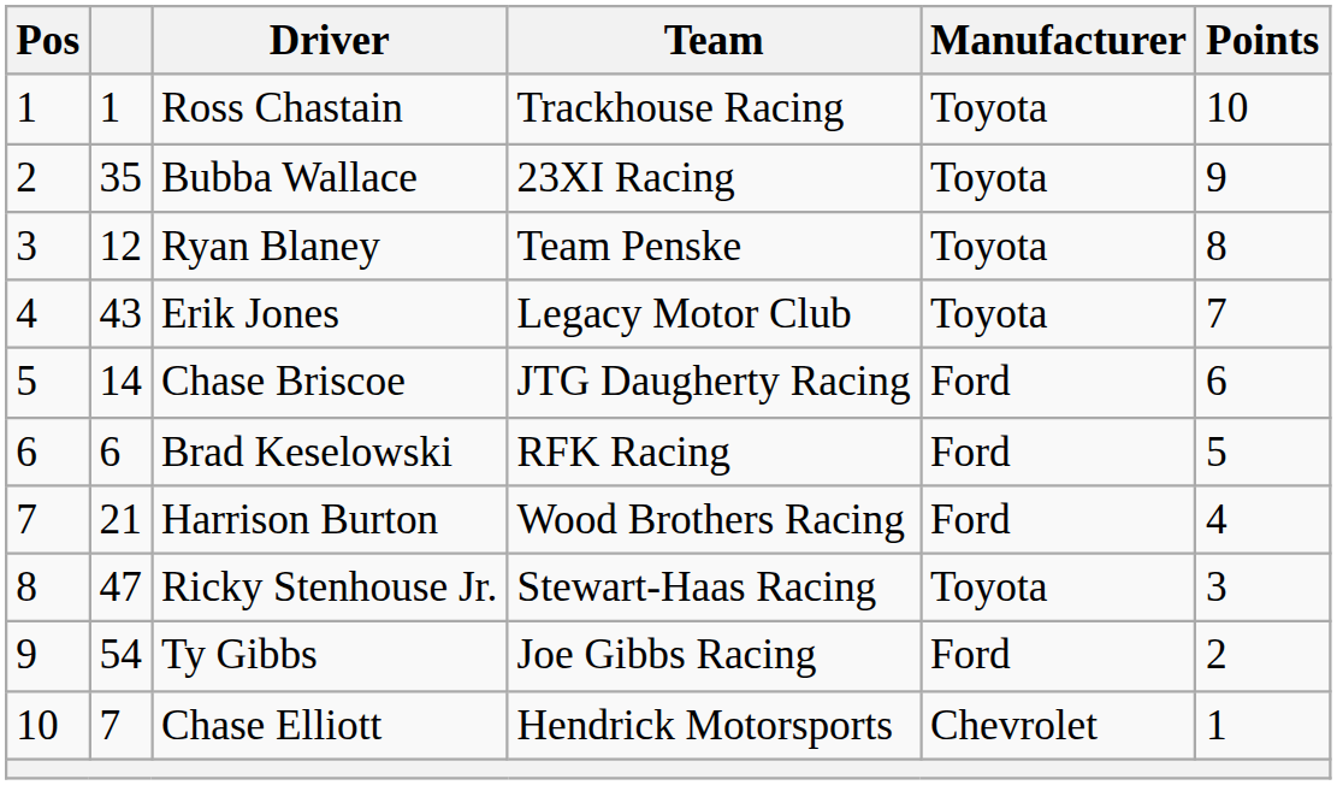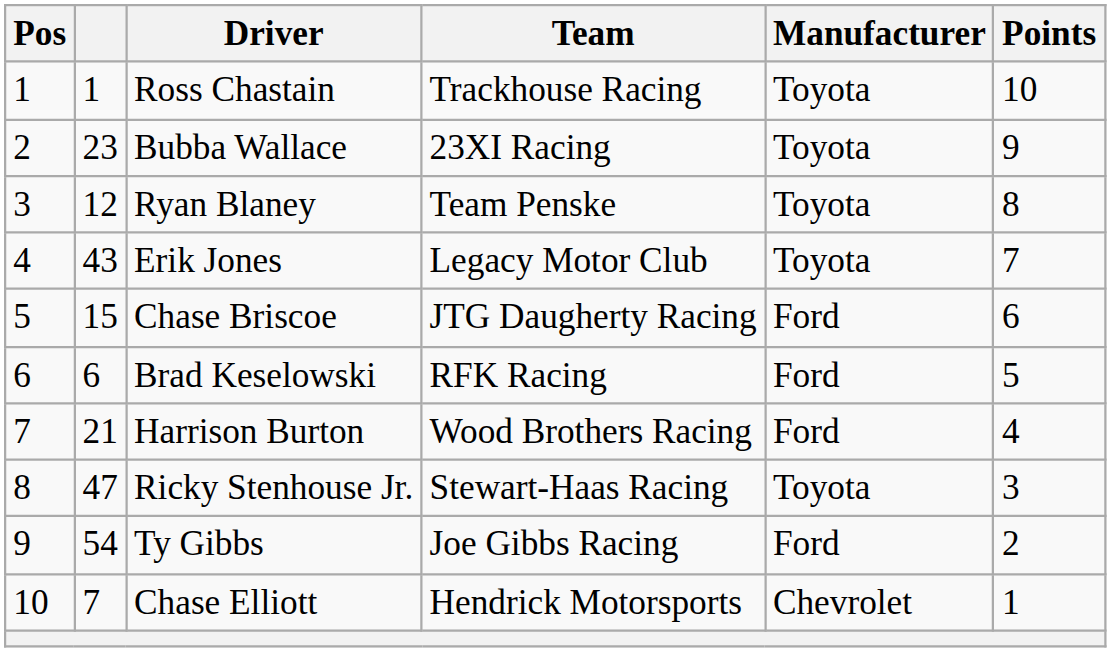 <table class="wikitable" style="font-size:98%">
 <tr>
 <th>Pos</th>
 <th></th>
 <th>Driver</th>
 <th>Team</th>
 <th>Manufacturer</th>
 <th>Points</th>
 </tr>
 <tr>
 <td>1</td>
 <td>1</td>
 <td>Ross Chastain</td>
 <td>Trackhouse Racing</td>
 <td>Toyota</td>
 <td>10</td>
 </tr>
 <tr>
 <td>2</td>
-<td>35</td>
+<td>23</td>
 <td>Bubba Wallace</td>
 <td>23XI Racing</td>
 <td>Toyota</td>
 <td>9</td>
 </tr>
 <tr>
 <td>3</td>
 <td>12</td>
 <td>Ryan Blaney</td>
 <td>Team Penske</td>
 <td>Toyota</td>
 <td>8</td>
 </tr>
 <tr>
 <td>4</td>
 <td>43</td>
 <td>Erik Jones</td>
 <td>Legacy Motor Club</td>
 <td>Toyota</td>
 <td>7</td>
 </tr>
 <tr>
 <td>5</td>
-<td>14</td>
+<td>15</td>
 <td>Chase Briscoe</td>
 <td>JTG Daugherty Racing</td>
 <td>Ford</td>
 <td>6</td>
 </tr>
 <tr>
 <td>6</td>
 <td>6</td>
 <td>Brad Keselowski</td>
 <td>RFK Racing</td>
 <td>Ford</td>
 <td>5</td>
 </tr>
 <tr>
 <td>7</td>
 <td>21</td>
 <td>Harrison Burton</td>
 <td>Wood Brothers Racing</td>
 <td>Ford</td>
 <td>4</td>
 </tr>
 <tr>
 <td>8</td>
 <td>47</td>
 <td>Ricky Stenhouse Jr.</td>
 <td>Stewart-Haas Racing</td>
 <td>Toyota</td>
 <td>3</td>
 </tr>
 <tr>
 <td>9</td>
 <td>54</td>
 <td>Ty Gibbs</td>
 <td>Joe Gibbs Racing</td>
 <td>Ford</td>
 <td>2</td>
 </tr>
 <tr>
 <td>10</td>
 <td>7</td>
 <td>Chase Elliott</td>
 <td>Hendrick Motorsports</td>
 <td>Chevrolet</td>
 <td>1</td>
 </tr>
 <tr>
 <th colspan="6"></th>
 </tr>
 </table>
